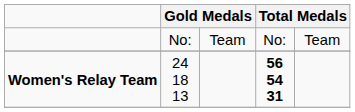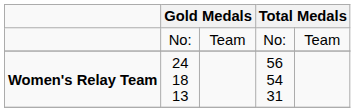 <table class="wikitable" style="text-align: center; font-size:95%;">
 <tr>
 <td></td>
 <th colspan=2>Gold Medals</th>
 <th colspan=2>Total Medals</th>
 </tr>
 <tr>
 <td></td>
 <td>No:</td>
 <td>Team</td>
 <td>No:</td>
 <td>Team</td>
 </tr>
 <tr>
 </tr>
 <tr>
 <td><strong>Women's Relay Team</strong></td>
 <td>24 <br> 18 <br> 13</td>
 <td align="left">  <br>  <br> </td>
-<td><strong>56 <br> 54 <br> 31</strong></td>
+<td>56 <br> 54 <br> 31</td>
 <td align="left"> <br>  <br> </td>
 </tr>
 <tr>
 </tr>
 </table>
